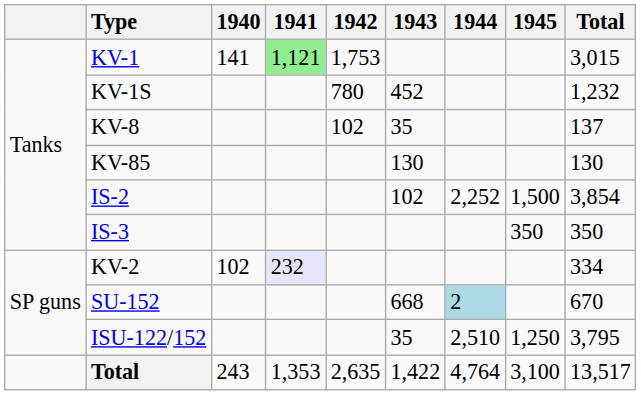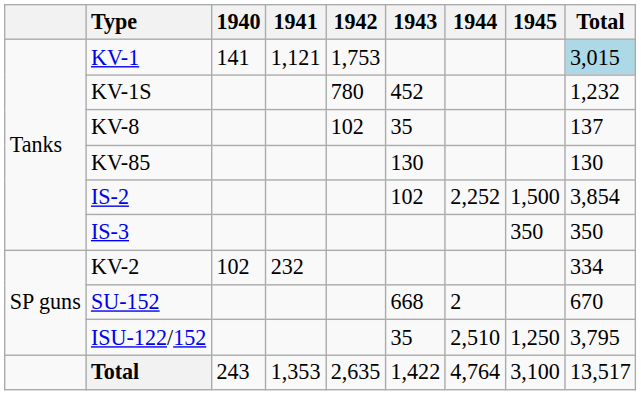 <table class="wikitable">
 <tr>
 <th></th>
 <th style="text-align:left;">Type</th>
 <th>1940</th>
 <th>1941</th>
 <th>1942</th>
 <th>1943</th>
 <th>1944</th>
 <th>1945</th>
 <th>Total</th>
 </tr>
 <tr>
 <td rowspan=6 align=left>Tanks</td>
 <td style="text-align:left;"><a href='#'>KV-1</a></td>
 <td>141</td>
-<td style="background: lightgreen;">1,121</td>
+<td>1,121</td>
 <td>1,753</td>
 <td></td>
 <td></td>
 <td></td>
-<td>3,015</td>
+<td style="background: lightblue;">3,015</td>
 </tr>
 <tr>
 <td style="text-align:left;">KV-1S</td>
 <td></td>
 <td></td>
 <td>780</td>
 <td>452</td>
 <td></td>
 <td></td>
 <td>1,232</td>
 </tr>
 <tr>
 <td style="text-align:left;">KV-8</td>
 <td></td>
 <td></td>
 <td>102</td>
 <td>35</td>
 <td></td>
 <td></td>
 <td>137</td>
 </tr>
 <tr>
 <td style="text-align:left;">KV-85</td>
 <td></td>
 <td></td>
 <td></td>
 <td>130</td>
 <td></td>
 <td></td>
 <td>130</td>
 </tr>
 <tr>
 <td style="text-align:left;"><a href='#'>IS-2</a></td>
 <td></td>
 <td></td>
 <td></td>
 <td>102</td>
 <td>2,252</td>
 <td>1,500</td>
 <td>3,854</td>
 </tr>
 <tr>
 <td style="text-align:left;"><a href='#'>IS-3</a></td>
 <td></td>
 <td></td>
 <td></td>
 <td></td>
 <td></td>
 <td>350</td>
 <td>350</td>
 </tr>
 <tr style="border-top:1px solid #999;">
 <td rowspan=3 align=left>SP guns</td>
 <td style="text-align:left;">KV-2</td>
 <td>102</td>
-<td style="background: lavender;">232</td>
+<td>232</td>
 <td></td>
 <td></td>
 <td></td>
 <td></td>
 <td>334</td>
 </tr>
 <tr>
 <td style="text-align:left;"><a href='#'>SU-152</a></td>
 <td></td>
 <td></td>
 <td></td>
 <td>668</td>
-<td style="background: lightblue;">2</td>
+<td>2</td>
 <td></td>
 <td>670</td>
 </tr>
 <tr>
 <td style="text-align:left;"><a href='#'>ISU-122</a>/<a href='#'>152</a></td>
 <td></td>
 <td></td>
 <td></td>
 <td>35</td>
 <td>2,510</td>
 <td>1,250</td>
 <td>3,795</td>
 </tr>
 <tr style="border-top:1px solid #999;">
 <td></td>
 <th style="text-align:left;">Total</th>
 <td>243</td>
 <td>1,353</td>
 <td>2,635</td>
 <td>1,422</td>
 <td>4,764</td>
 <td>3,100</td>
 <td>13,517</td>
 </tr>
 </table>
